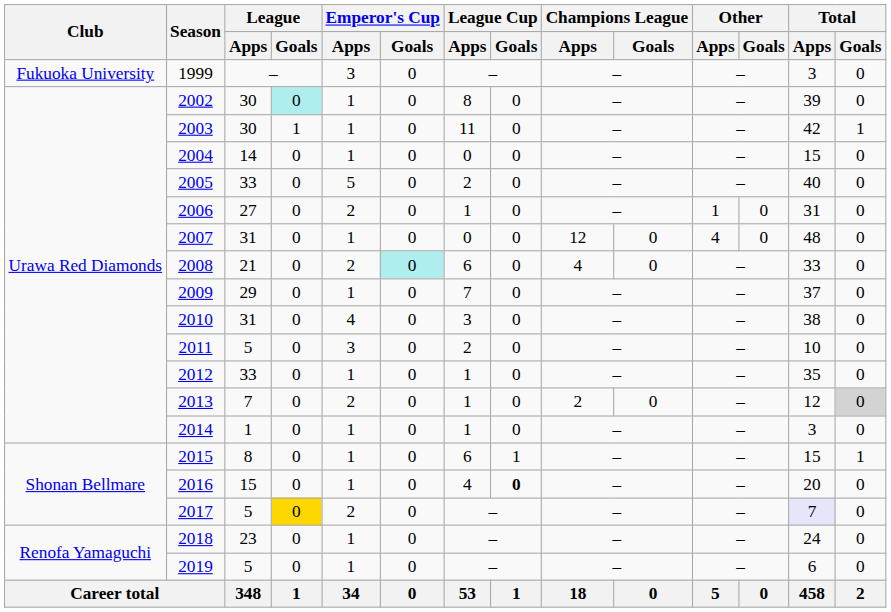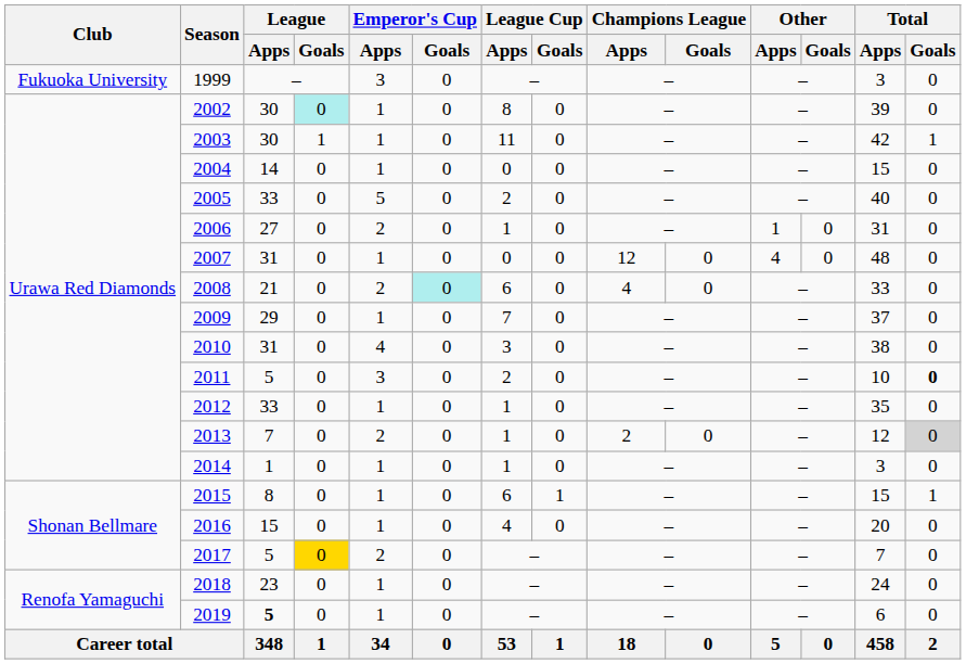 <table class="wikitable" style="text-align:center">
 <tr>
 <th rowspan="2">Club</th>
 <th rowspan="2">Season</th>
 <th colspan="2">League</th>
 <th colspan="2"><a href='#'>Emperor's Cup</a></th>
 <th colspan="2">League Cup</th>
 <th colspan="2">Champions League</th>
 <th colspan="2">Other</th>
 <th colspan="2">Total</th>
 </tr>
 <tr>
 <th>Apps</th>
 <th>Goals</th>
 <th>Apps</th>
 <th>Goals</th>
 <th>Apps</th>
 <th>Goals</th>
 <th>Apps</th>
 <th>Goals</th>
 <th>Apps</th>
 <th>Goals</th>
 <th>Apps</th>
 <th>Goals</th>
 </tr>
 <tr>
 <td><a href='#'>Fukuoka University</a></td>
 <td>1999</td>
 <td colspan="2">–</td>
 <td>3</td>
 <td>0</td>
 <td colspan="2">–</td>
 <td colspan="2">–</td>
 <td colspan="2">–</td>
 <td>3</td>
 <td>0</td>
 </tr>
 <tr>
 <td rowspan="13"><a href='#'>Urawa Red Diamonds</a></td>
 <td><a href='#'>2002</a></td>
 <td>30</td>
 <td style="background: paleturquoise;">0</td>
 <td>1</td>
 <td>0</td>
 <td>8</td>
 <td>0</td>
 <td colspan="2">–</td>
 <td colspan="2">–</td>
 <td>39</td>
 <td>0</td>
 </tr>
 <tr>
 <td><a href='#'>2003</a></td>
 <td>30</td>
 <td>1</td>
 <td>1</td>
 <td>0</td>
 <td>11</td>
 <td>0</td>
 <td colspan="2">–</td>
 <td colspan="2">–</td>
 <td>42</td>
 <td>1</td>
 </tr>
 <tr>
 <td><a href='#'>2004</a></td>
 <td>14</td>
 <td>0</td>
 <td>1</td>
 <td>0</td>
 <td>0</td>
 <td>0</td>
 <td colspan="2">–</td>
 <td colspan="2">–</td>
 <td>15</td>
 <td>0</td>
 </tr>
 <tr>
 <td><a href='#'>2005</a></td>
 <td>33</td>
 <td>0</td>
 <td>5</td>
 <td>0</td>
 <td>2</td>
 <td>0</td>
 <td colspan="2">–</td>
 <td colspan="2">–</td>
 <td>40</td>
 <td>0</td>
 </tr>
 <tr>
 <td><a href='#'>2006</a></td>
 <td>27</td>
 <td>0</td>
 <td>2</td>
 <td>0</td>
 <td>1</td>
 <td>0</td>
 <td colspan="2">–</td>
 <td>1</td>
 <td>0</td>
 <td>31</td>
 <td>0</td>
 </tr>
 <tr>
 <td><a href='#'>2007</a></td>
 <td>31</td>
 <td>0</td>
 <td>1</td>
 <td>0</td>
 <td>0</td>
 <td>0</td>
 <td>12</td>
 <td>0</td>
 <td>4</td>
 <td>0</td>
 <td>48</td>
 <td>0</td>
 </tr>
 <tr>
 <td><a href='#'>2008</a></td>
 <td>21</td>
 <td>0</td>
 <td>2</td>
 <td style="background: paleturquoise;">0</td>
 <td>6</td>
 <td>0</td>
 <td>4</td>
 <td>0</td>
 <td colspan="2">–</td>
 <td>33</td>
 <td>0</td>
 </tr>
 <tr>
 <td><a href='#'>2009</a></td>
 <td>29</td>
 <td>0</td>
 <td>1</td>
 <td>0</td>
 <td>7</td>
 <td>0</td>
 <td colspan="2">–</td>
 <td colspan="2">–</td>
 <td>37</td>
 <td>0</td>
 </tr>
 <tr>
 <td><a href='#'>2010</a></td>
 <td>31</td>
 <td>0</td>
 <td>4</td>
 <td>0</td>
 <td>3</td>
 <td>0</td>
 <td colspan="2">–</td>
 <td colspan="2">–</td>
 <td>38</td>
 <td>0</td>
 </tr>
 <tr>
 <td><a href='#'>2011</a></td>
 <td>5</td>
 <td>0</td>
 <td>3</td>
 <td>0</td>
 <td>2</td>
 <td>0</td>
 <td colspan="2">–</td>
 <td colspan="2">–</td>
 <td>10</td>
-<td>0</td>
+<td><strong>0</strong></td>
 </tr>
 <tr>
 <td><a href='#'>2012</a></td>
 <td>33</td>
 <td>0</td>
 <td>1</td>
 <td>0</td>
 <td>1</td>
 <td>0</td>
 <td colspan="2">–</td>
 <td colspan="2">–</td>
 <td>35</td>
 <td>0</td>
 </tr>
 <tr>
 <td><a href='#'>2013</a></td>
 <td>7</td>
 <td>0</td>
 <td>2</td>
 <td>0</td>
 <td>1</td>
 <td>0</td>
 <td>2</td>
 <td>0</td>
 <td colspan="2">–</td>
 <td>12</td>
 <td style="background: lightgrey;">0</td>
 </tr>
 <tr>
 <td><a href='#'>2014</a></td>
 <td>1</td>
 <td>0</td>
 <td>1</td>
 <td>0</td>
 <td>1</td>
 <td>0</td>
 <td colspan="2">–</td>
 <td colspan="2">–</td>
 <td>3</td>
 <td>0</td>
 </tr>
 <tr>
 <td rowspan="3"><a href='#'>Shonan Bellmare</a></td>
 <td><a href='#'>2015</a></td>
 <td>8</td>
 <td>0</td>
 <td>1</td>
 <td>0</td>
 <td>6</td>
 <td>1</td>
 <td colspan="2">–</td>
 <td colspan="2">–</td>
 <td>15</td>
 <td>1</td>
 </tr>
 <tr>
 <td><a href='#'>2016</a></td>
 <td>15</td>
 <td>0</td>
 <td>1</td>
 <td>0</td>
 <td>4</td>
-<td><strong>0</strong></td>
+<td>0</td>
 <td colspan="2">–</td>
 <td colspan="2">–</td>
 <td>20</td>
 <td>0</td>
 </tr>
 <tr>
 <td><a href='#'>2017</a></td>
 <td>5</td>
 <td style="background: gold;">0</td>
 <td>2</td>
 <td>0</td>
 <td colspan="2">–</td>
 <td colspan="2">–</td>
 <td colspan="2">–</td>
-<td style="background: lavender;">7</td>
+<td>7</td>
 <td>0</td>
 </tr>
 <tr>
 <td rowspan="2"><a href='#'>Renofa Yamaguchi</a></td>
 <td><a href='#'>2018</a></td>
 <td>23</td>
 <td>0</td>
 <td>1</td>
 <td>0</td>
 <td colspan="2">–</td>
 <td colspan="2">–</td>
 <td colspan="2">–</td>
 <td>24</td>
 <td>0</td>
 </tr>
 <tr>
 <td><a href='#'>2019</a></td>
-<td>5</td>
+<td><strong>5</strong></td>
 <td>0</td>
 <td>1</td>
 <td>0</td>
 <td colspan="2">–</td>
 <td colspan="2">–</td>
 <td colspan="2">–</td>
 <td>6</td>
 <td>0</td>
 </tr>
 <tr>
 <th colspan="2">Career total</th>
 <th>348</th>
 <th>1</th>
 <th>34</th>
 <th>0</th>
 <th>53</th>
 <th>1</th>
 <th>18</th>
 <th>0</th>
 <th>5</th>
 <th>0</th>
 <th>458</th>
 <th>2</th>
 </tr>
 </table>
